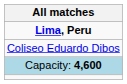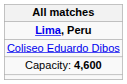 <table class="wikitable" style="text-align:center">
 <tr>
 <th>All matches</th>
 </tr>
 <tr>
 <td><strong><a href='#'>Lima</a>, Peru</strong></td>
 </tr>
 <tr>
 <td><a href='#'>Coliseo Eduardo Dibos</a></td>
 </tr>
 <tr>
-<td style="background: lightblue;">Capacity: <strong>4,600</strong></td>
+<td>Capacity: <strong>4,600</strong></td>
 </tr>
 <tr>
 <td></td>
 </tr>
 </table>
